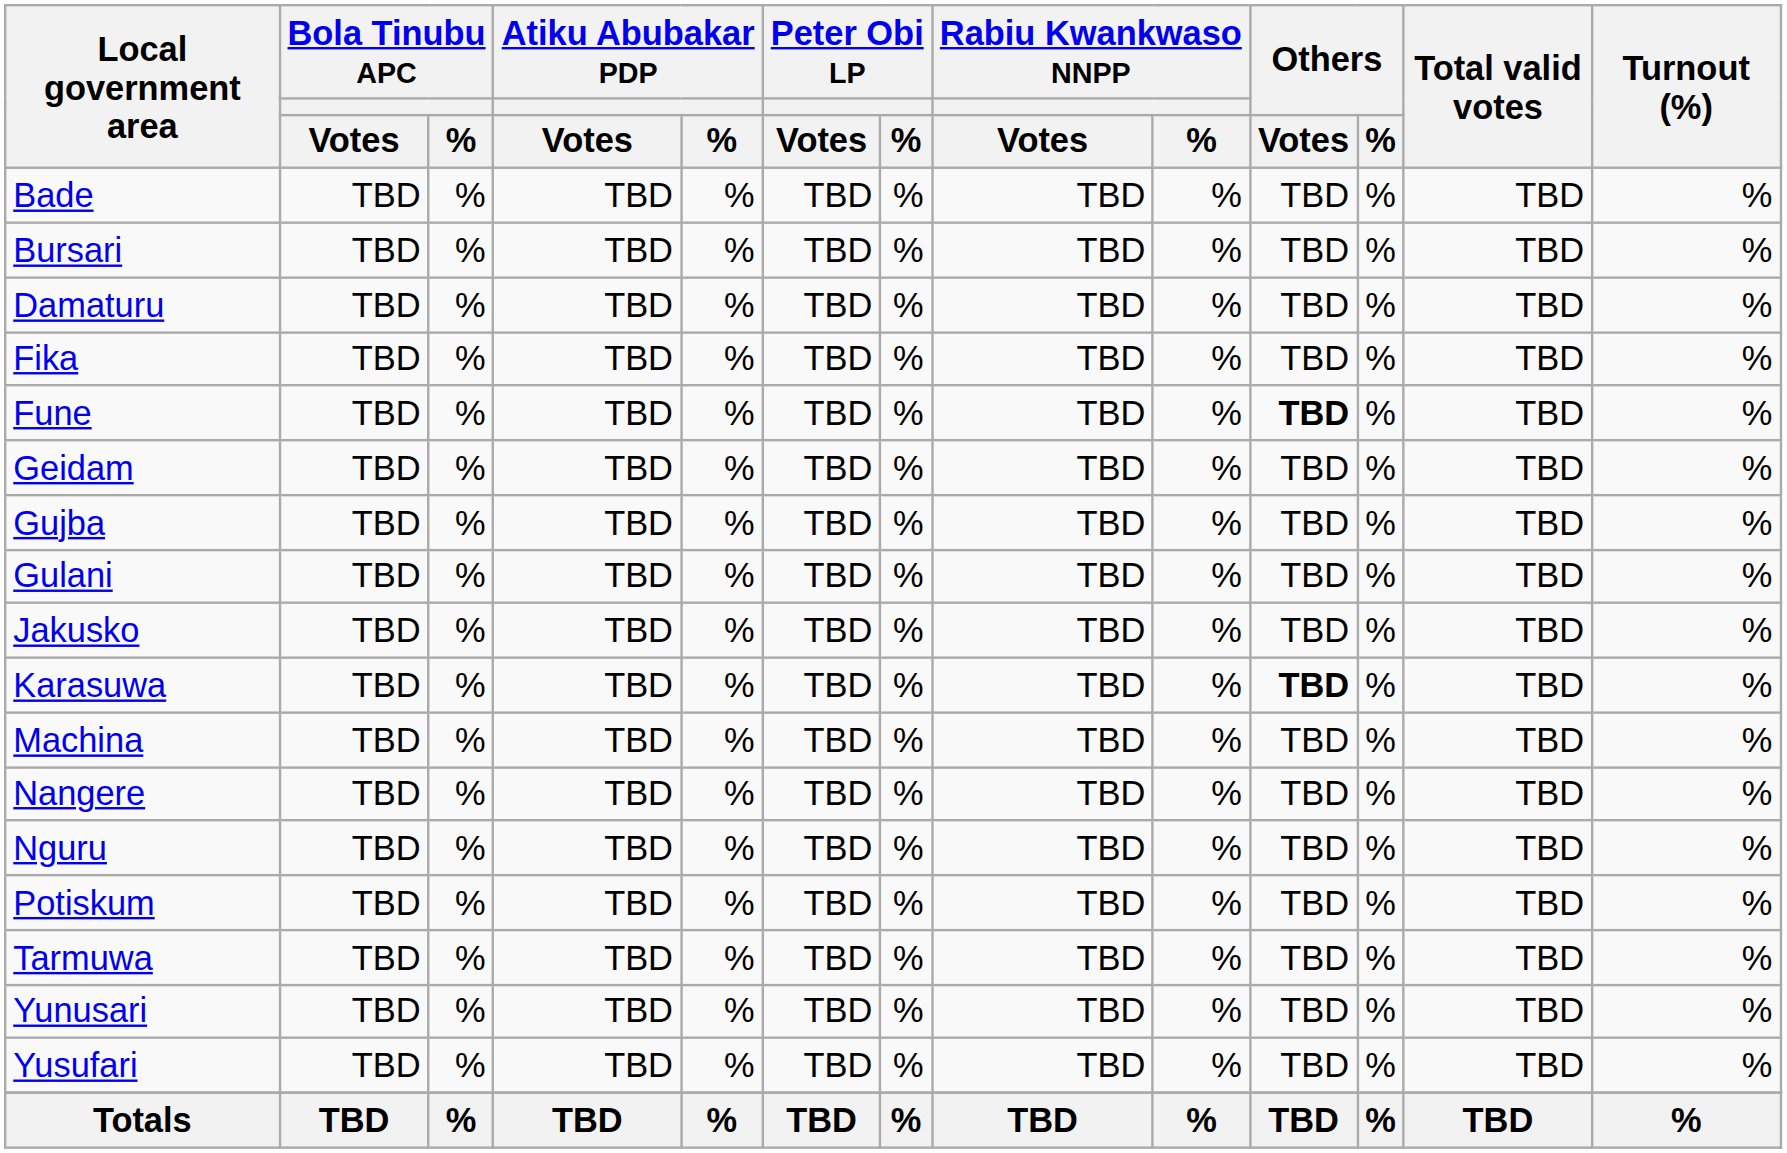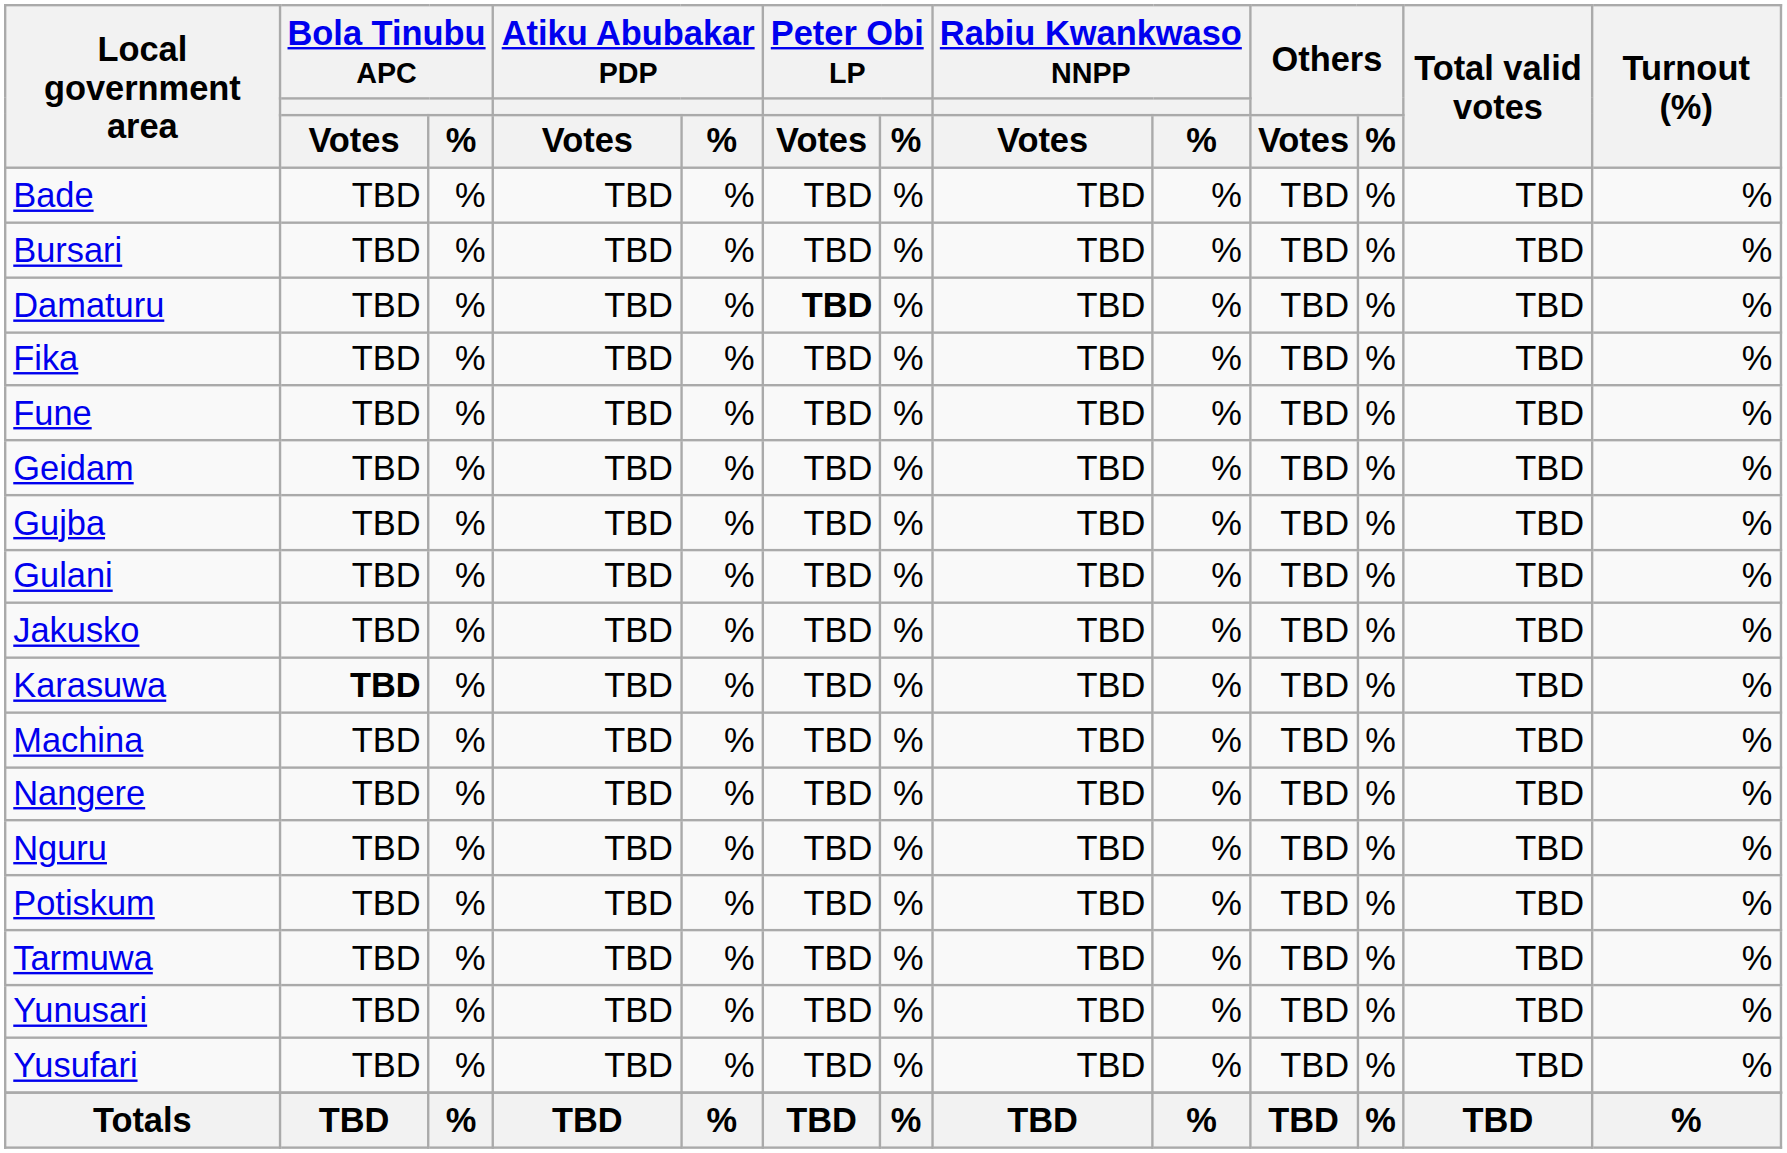 <table class="wikitable sortable" style="text-align:right; font-size:90%">
 <tr>
 <th rowspan="3" style="max-width:7.5em;">Local government area</th>
 <th colspan="2"><a href='#'>Bola Tinubu</a><br><small>APC</small></th>
 <th colspan="2"><a href='#'>Atiku Abubakar</a><br><small>PDP</small></th>
 <th colspan="2"><a href='#'>Peter Obi</a><br><small>LP</small></th>
 <th colspan="2"><a href='#'>Rabiu Kwankwaso</a><br><small>NNPP</small></th>
 <th colspan="2" rowspan="2">Others</th>
 <th rowspan="3" style="max-width:5em;">Total valid votes</th>
 <th rowspan="3" style="max-width:5em;">Turnout (%)</th>
 </tr>
 <tr>
 <th colspan=2 style="background-color:"></th>
 <th colspan=2 style="background-color:"></th>
 <th colspan=2 style="background-color:"></th>
 <th colspan=2 style="background-color:"></th>
 </tr>
 <tr>
 <th>Votes</th>
 <th>%</th>
 <th>Votes</th>
 <th>%</th>
 <th>Votes</th>
 <th>%</th>
 <th>Votes</th>
 <th>%</th>
 <th>Votes</th>
 <th>%</th>
 </tr>
 <tr style="background-color:#">
 <td style="text-align:left;"><a href='#'>Bade</a></td>
 <td>TBD</td>
 <td>%</td>
 <td>TBD</td>
 <td>%</td>
 <td>TBD</td>
 <td>%</td>
 <td>TBD</td>
 <td>%</td>
 <td>TBD</td>
 <td>%</td>
 <td>TBD</td>
 <td>%</td>
 </tr>
 <tr style="background-color:#">
 <td style="text-align:left;"><a href='#'>Bursari</a></td>
 <td>TBD</td>
 <td>%</td>
 <td>TBD</td>
 <td>%</td>
 <td>TBD</td>
 <td>%</td>
 <td>TBD</td>
 <td>%</td>
 <td>TBD</td>
 <td>%</td>
 <td>TBD</td>
 <td>%</td>
 </tr>
 <tr style="background-color:#">
 <td style="text-align:left;"><a href='#'>Damaturu</a></td>
 <td>TBD</td>
 <td>%</td>
 <td>TBD</td>
 <td>%</td>
-<td>TBD</td>
+<td><strong>TBD</strong></td>
 <td>%</td>
 <td>TBD</td>
 <td>%</td>
 <td>TBD</td>
 <td>%</td>
 <td>TBD</td>
 <td>%</td>
 </tr>
 <tr style="background-color:#">
 <td style="text-align:left;"><a href='#'>Fika</a></td>
 <td>TBD</td>
 <td>%</td>
 <td>TBD</td>
 <td>%</td>
 <td>TBD</td>
 <td>%</td>
 <td>TBD</td>
 <td>%</td>
 <td>TBD</td>
 <td>%</td>
 <td>TBD</td>
 <td>%</td>
 </tr>
 <tr style="background-color:#">
 <td style="text-align:left;"><a href='#'>Fune</a></td>
 <td>TBD</td>
 <td>%</td>
 <td>TBD</td>
 <td>%</td>
 <td>TBD</td>
 <td>%</td>
 <td>TBD</td>
 <td>%</td>
-<td><strong>TBD</strong></td>
+<td>TBD</td>
 <td>%</td>
 <td>TBD</td>
 <td>%</td>
 </tr>
 <tr style="background-color:#">
 <td style="text-align:left;"><a href='#'>Geidam</a></td>
 <td>TBD</td>
 <td>%</td>
 <td>TBD</td>
 <td>%</td>
 <td>TBD</td>
 <td>%</td>
 <td>TBD</td>
 <td>%</td>
 <td>TBD</td>
 <td>%</td>
 <td>TBD</td>
 <td>%</td>
 </tr>
 <tr style="background-color:#">
 <td style="text-align:left;"><a href='#'>Gujba</a></td>
 <td>TBD</td>
 <td>%</td>
 <td>TBD</td>
 <td>%</td>
 <td>TBD</td>
 <td>%</td>
 <td>TBD</td>
 <td>%</td>
 <td>TBD</td>
 <td>%</td>
 <td>TBD</td>
 <td>%</td>
 </tr>
 <tr style="background-color:#">
 <td style="text-align:left;"><a href='#'>Gulani</a></td>
 <td>TBD</td>
 <td>%</td>
 <td>TBD</td>
 <td>%</td>
 <td>TBD</td>
 <td>%</td>
 <td>TBD</td>
 <td>%</td>
 <td>TBD</td>
 <td>%</td>
 <td>TBD</td>
 <td>%</td>
 </tr>
 <tr style="background-color:#">
 <td style="text-align:left;"><a href='#'>Jakusko</a></td>
 <td>TBD</td>
 <td>%</td>
 <td>TBD</td>
 <td>%</td>
 <td>TBD</td>
 <td>%</td>
 <td>TBD</td>
 <td>%</td>
 <td>TBD</td>
 <td>%</td>
 <td>TBD</td>
 <td>%</td>
 </tr>
 <tr style="background-color:#">
 <td style="text-align:left;"><a href='#'>Karasuwa</a></td>
+<td><strong>TBD</strong></td>
+<td>%</td>
 <td>TBD</td>
 <td>%</td>
 <td>TBD</td>
 <td>%</td>
 <td>TBD</td>
 <td>%</td>
 <td>TBD</td>
-<td>%</td>
-<td><strong>TBD</strong></td>
 <td>%</td>
 <td>TBD</td>
 <td>%</td>
 </tr>
 <tr style="background-color:#">
 <td style="text-align:left;"><a href='#'>Machina</a></td>
 <td>TBD</td>
 <td>%</td>
 <td>TBD</td>
 <td>%</td>
 <td>TBD</td>
 <td>%</td>
 <td>TBD</td>
 <td>%</td>
 <td>TBD</td>
 <td>%</td>
 <td>TBD</td>
 <td>%</td>
 </tr>
 <tr style="background-color:#">
 <td style="text-align:left;"><a href='#'>Nangere</a></td>
 <td>TBD</td>
 <td>%</td>
 <td>TBD</td>
 <td>%</td>
 <td>TBD</td>
 <td>%</td>
 <td>TBD</td>
 <td>%</td>
 <td>TBD</td>
 <td>%</td>
 <td>TBD</td>
 <td>%</td>
 </tr>
 <tr style="background-color:#">
 <td style="text-align:left;"><a href='#'>Nguru</a></td>
 <td>TBD</td>
 <td>%</td>
 <td>TBD</td>
 <td>%</td>
 <td>TBD</td>
 <td>%</td>
 <td>TBD</td>
 <td>%</td>
 <td>TBD</td>
 <td>%</td>
 <td>TBD</td>
 <td>%</td>
 </tr>
 <tr style="background-color:#">
 <td style="text-align:left;"><a href='#'>Potiskum</a></td>
 <td>TBD</td>
 <td>%</td>
 <td>TBD</td>
 <td>%</td>
 <td>TBD</td>
 <td>%</td>
 <td>TBD</td>
 <td>%</td>
 <td>TBD</td>
 <td>%</td>
 <td>TBD</td>
 <td>%</td>
 </tr>
 <tr style="background-color:#">
 <td style="text-align:left;"><a href='#'>Tarmuwa</a></td>
 <td>TBD</td>
 <td>%</td>
 <td>TBD</td>
 <td>%</td>
 <td>TBD</td>
 <td>%</td>
 <td>TBD</td>
 <td>%</td>
 <td>TBD</td>
 <td>%</td>
 <td>TBD</td>
 <td>%</td>
 </tr>
 <tr style="background-color:#">
 <td style="text-align:left;"><a href='#'>Yunusari</a></td>
 <td>TBD</td>
 <td>%</td>
 <td>TBD</td>
 <td>%</td>
 <td>TBD</td>
 <td>%</td>
 <td>TBD</td>
 <td>%</td>
 <td>TBD</td>
 <td>%</td>
 <td>TBD</td>
 <td>%</td>
 </tr>
 <tr style="background-color:#">
 <td style="text-align:left;"><a href='#'>Yusufari</a></td>
 <td>TBD</td>
 <td>%</td>
 <td>TBD</td>
 <td>%</td>
 <td>TBD</td>
 <td>%</td>
 <td>TBD</td>
 <td>%</td>
 <td>TBD</td>
 <td>%</td>
 <td>TBD</td>
 <td>%</td>
 </tr>
 <tr>
 </tr>
 <tr>
 <th>Totals</th>
 <th>TBD</th>
 <th>%</th>
 <th>TBD</th>
 <th>%</th>
 <th>TBD</th>
 <th>%</th>
 <th>TBD</th>
 <th>%</th>
 <th>TBD</th>
 <th>%</th>
 <th>TBD</th>
 <th>%</th>
 </tr>
 </table>
